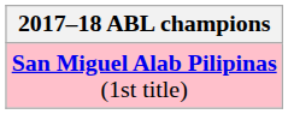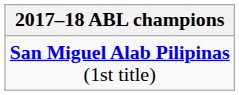 <table class="wikitable" style="text-align: center; margin: 0 auto;">
 <tr>
 <th>2017–18 ABL champions</th>
 </tr>
 <tr>
-<td style="background: pink;"><strong><a href='#'>San Miguel Alab Pilipinas</a></strong><br> (1st title)</td>
+<td><strong><a href='#'>San Miguel Alab Pilipinas</a></strong><br> (1st title)</td>
 </tr>
 </table>
